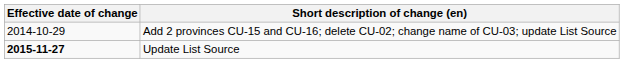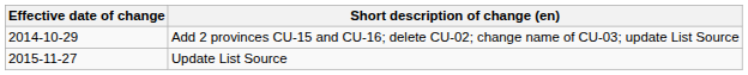 <table class="wikitable">
 <tr>
 <th>Effective date of change</th>
 <th>Short description of change (en)</th>
 </tr>
 <tr>
 <td>2014-10-29</td>
 <td>Add 2 provinces CU-15 and CU-16; delete CU-02; change name of CU-03; update List Source</td>
 </tr>
 <tr>
-<td><strong>2015-11-27</strong></td>
+<td>2015-11-27</td>
 <td>Update List Source</td>
 </tr>
 </table>
